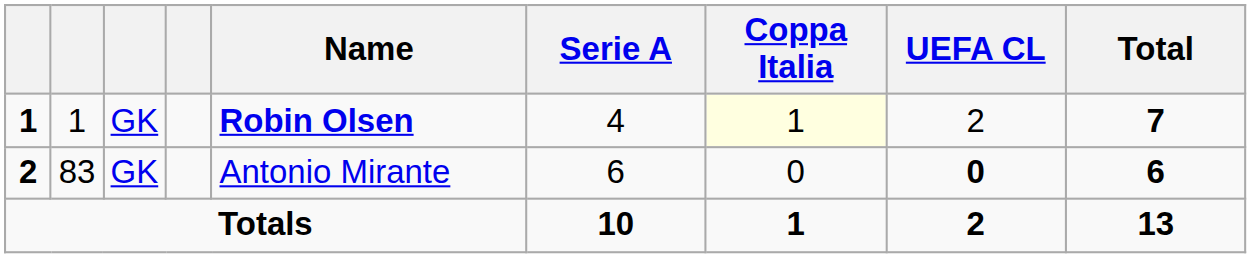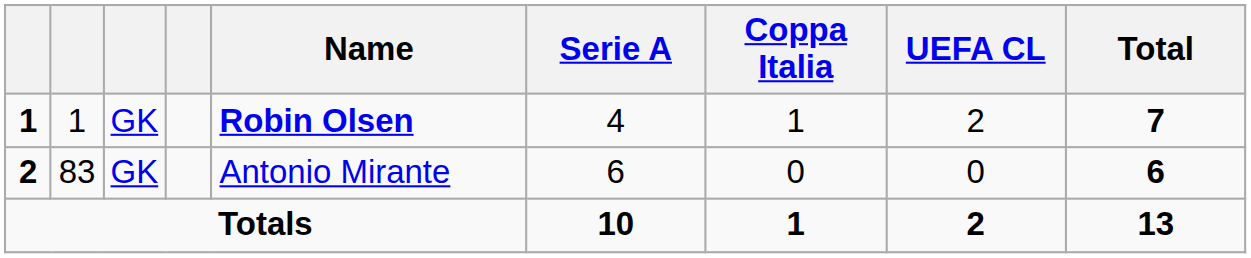 <table class="wikitable" style="text-align:center">
 <tr>
 <th width=15></th>
 <th width=15></th>
 <th width=15></th>
 <th width=15></th>
 <th width=145>Name</th>
 <th width=80><a href='#'>Serie A</a></th>
 <th width=80><a href='#'>Coppa Italia</a></th>
 <th width=80><a href='#'>UEFA CL</a></th>
 <th width=80>Total</th>
 </tr>
 <tr>
 <td><strong>1</strong></td>
 <td>1</td>
 <td><a href='#'>GK</a></td>
 <td></td>
 <td align=left><strong><a href='#'>Robin Olsen</a></strong></td>
 <td>4</td>
-<td style="background: lightyellow;">1</td>
+<td>1</td>
 <td>2</td>
 <td><strong>7</strong></td>
 </tr>
 <tr>
 <td><strong>2</strong></td>
 <td>83</td>
 <td><a href='#'>GK</a></td>
 <td></td>
 <td align=left><a href='#'>Antonio Mirante</a></td>
 <td>6</td>
 <td>0</td>
-<td><strong>0</strong></td>
+<td>0</td>
 <td><strong>6</strong></td>
 </tr>
 <tr>
 <td colspan=5><strong>Totals</strong></td>
 <td><strong>10</strong></td>
 <td><strong>1</strong></td>
 <td><strong>2</strong></td>
 <td><strong>13</strong></td>
 </tr>
 </table>
